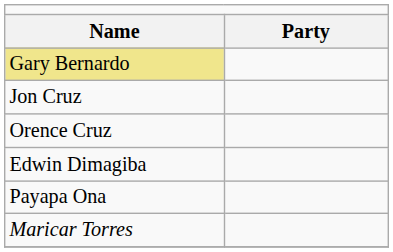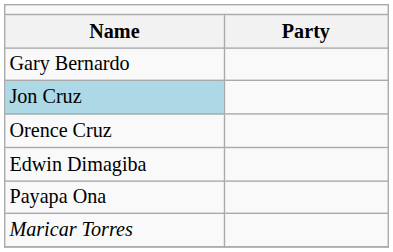 <table class=wikitable style="font-size:90%">
 <tr>
 <td colspan=4 bgcolor=></td>
 </tr>
 <tr>
 <th width=150px>Name</th>
 <th colspan=2 width=110px>Party</th>
 </tr>
 <tr>
-<td style="background: khaki;">Gary Bernardo</td>
+<td>Gary Bernardo</td>
 <td></td>
 </tr>
 <tr>
-<td>Jon Cruz</td>
+<td style="background: lightblue;">Jon Cruz</td>
 <td></td>
 </tr>
 <tr>
 <td>Orence Cruz</td>
 <td></td>
 </tr>
 <tr>
 <td>Edwin Dimagiba</td>
 <td></td>
 </tr>
 <tr>
 <td>Payapa Ona</td>
 <td></td>
 </tr>
 <tr>
 <td><em>Maricar Torres</em></td>
 <td></td>
 </tr>
 <tr>
 </tr>
 </table>
